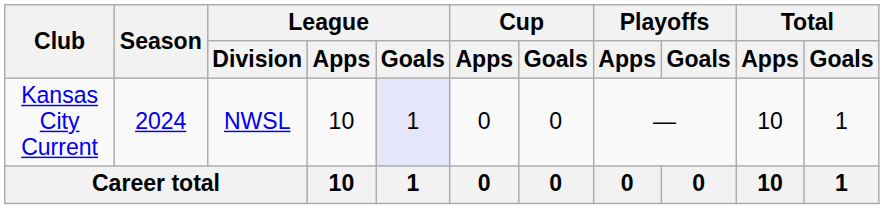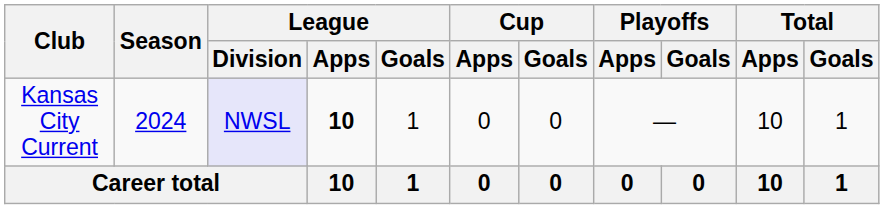 <table class="wikitable" style="text-align: center;">
 <tr>
 <th rowspan="2">Club</th>
 <th rowspan="2">Season</th>
 <th colspan="3">League</th>
 <th colspan="2">Cup</th>
 <th colspan="2">Playoffs</th>
 <th colspan="2">Total</th>
 </tr>
 <tr>
 <th>Division</th>
 <th>Apps</th>
 <th>Goals</th>
 <th>Apps</th>
 <th>Goals</th>
 <th>Apps</th>
 <th>Goals</th>
 <th>Apps</th>
 <th>Goals</th>
 </tr>
 <tr>
 <td><a href='#'>Kansas City Current</a></td>
 <td><a href='#'>2024</a></td>
-<td><a href='#'>NWSL</a></td>
-<td>10</td>
-<td style="background: lavender;">1</td>
+<td style="background: lavender;"><a href='#'>NWSL</a></td>
+<td><strong>10</strong></td>
+<td>1</td>
 <td>0</td>
 <td>0</td>
 <td colspan="2">—</td>
 <td>10</td>
 <td>1</td>
 </tr>
 <tr>
 <th colspan="3">Career total</th>
 <th>10</th>
 <th>1</th>
 <th>0</th>
 <th>0</th>
 <th>0</th>
 <th>0</th>
 <th>10</th>
 <th>1</th>
 </tr>
 </table>
